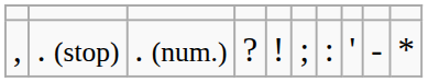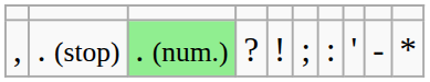 <table class="wikitable" style="line-height: 1.2">
 <tr align=center>
 </tr>
 <tr align=center>
 <td></td>
 <td></td>
 <td></td>
 <td></td>
 <td></td>
 <td></td>
 <td></td>
 <td></td>
 <td></td>
 <td></td>
 </tr>
 <tr align=center>
 <td>,</td>
 <td>. <small>(stop)</small></td>
-<td>. <small>(num.)</small></td>
+<td style="background: lightgreen;">. <small>(num.)</small></td>
 <td>?</td>
 <td>!</td>
 <td>;</td>
 <td>:</td>
 <td>'</td>
 <td>-</td>
 <td>*</td>
 </tr>
 </table>
